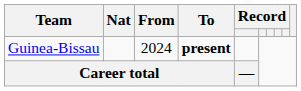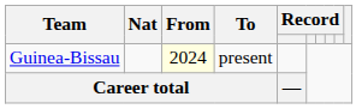 <table class="wikitable" style="text-align: center">
 <tr>
 <th rowspan="2">Team</th>
 <th rowspan="2">Nat</th>
 <th rowspan="2">From</th>
 <th rowspan="2">To</th>
 <th colspan="5">Record</th>
 <th rowspan=2></th>
 </tr>
 <tr>
 <th></th>
 <th></th>
 <th></th>
 <th></th>
 <th></th>
 </tr>
 <tr>
 <td align="left"><a href='#'>Guinea-Bissau</a></td>
 <td align="center"></td>
-<td align="center">2024</td>
-<td align="center"><strong>present<br></strong></td>
+<td align="center" style="background: lightyellow;">2024</td>
+<td align="center">present<br></td>
 <td></td>
 </tr>
 <tr>
 <th colspan=4>Career total<br></th>
 <th>—</th>
 </tr>
 </table>
